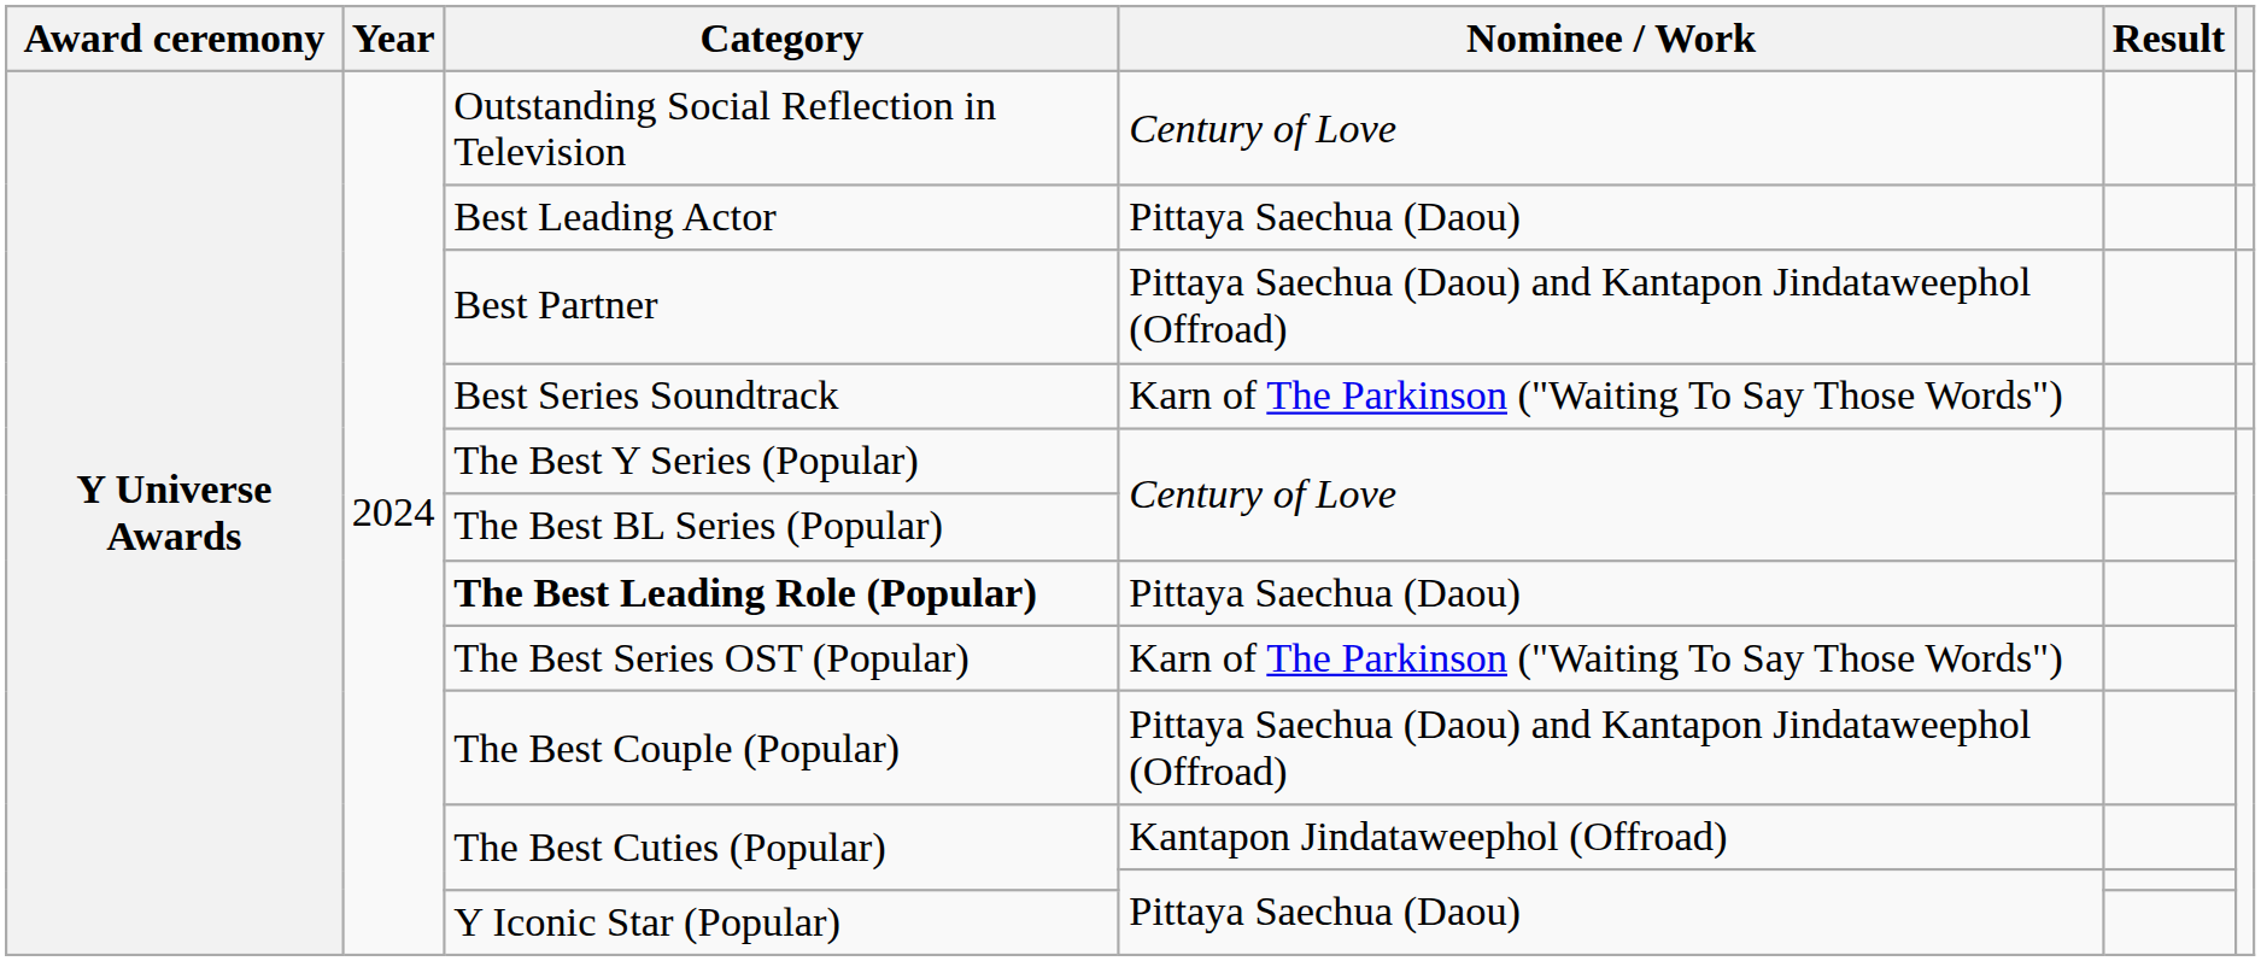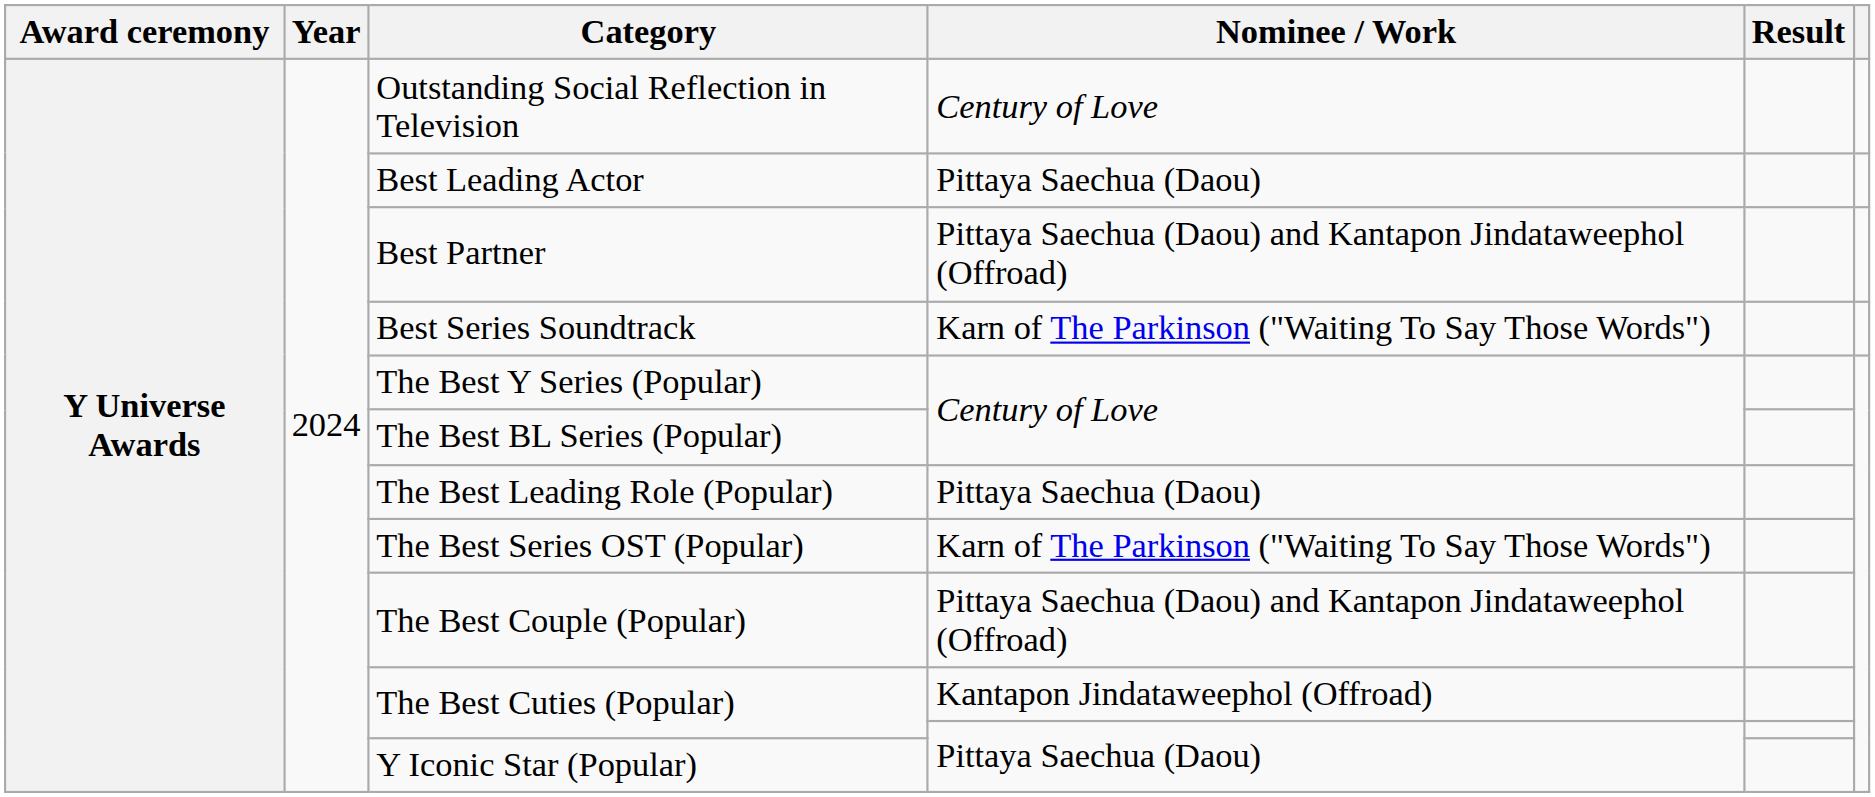 <table class="wikitable plainrowheaders sortable">
 <tr>
 <th scope="col">Award ceremony</th>
 <th scope="col">Year</th>
 <th scope="col">Category</th>
 <th scope="col">Nominee / Work</th>
 <th scope="col">Result</th>
 <th scope="col" class="unsortable"></th>
 </tr>
 <tr>
 <th rowspan="12" scope="row">Y Universe Awards</th>
 <td rowspan="12">2024</td>
 <td>Outstanding Social Reflection in Television</td>
 <td><em>Century of Love</em></td>
 <td></td>
 <td style="text-align:center;"></td>
 </tr>
 <tr>
 <td>Best Leading Actor</td>
 <td>Pittaya Saechua (Daou)</td>
 <td></td>
 <td style="text-align:center;"></td>
 </tr>
 <tr>
 <td>Best Partner</td>
 <td>Pittaya Saechua (Daou) and Kantapon Jindataweephol (Offroad)</td>
 <td></td>
 <td style="text-align:center;"></td>
 </tr>
 <tr>
 <td>Best Series Soundtrack</td>
 <td>Karn of <a href='#'>The Parkinson</a> ("Waiting To Say Those Words")</td>
 <td></td>
 <td style="text-align:center;"></td>
 </tr>
 <tr>
 <td>The Best Y Series (Popular)</td>
 <td rowspan="2"><em>Century of Love</em></td>
 <td></td>
 <td style="text-align:center;" rowspan="8"></td>
 </tr>
 <tr>
 <td>The Best BL Series (Popular)</td>
 <td></td>
 </tr>
 <tr>
-<td><strong>The Best Leading Role (Popular)</strong></td>
+<td>The Best Leading Role (Popular)</td>
 <td>Pittaya Saechua (Daou)</td>
 <td></td>
 </tr>
 <tr>
 <td>The Best Series OST (Popular)</td>
 <td>Karn of <a href='#'>The Parkinson</a> ("Waiting To Say Those Words")</td>
 <td></td>
 </tr>
 <tr>
 <td>The Best Couple (Popular)</td>
 <td>Pittaya Saechua (Daou) and Kantapon Jindataweephol (Offroad)</td>
 <td></td>
 </tr>
 <tr>
 <td rowspan="2">The Best Cuties (Popular)</td>
 <td>Kantapon Jindataweephol (Offroad)</td>
 <td></td>
 </tr>
 <tr>
 <td rowspan="2">Pittaya Saechua (Daou)</td>
 <td></td>
 </tr>
 <tr>
 <td>Y Iconic Star (Popular)</td>
 <td></td>
 </tr>
 </table>
